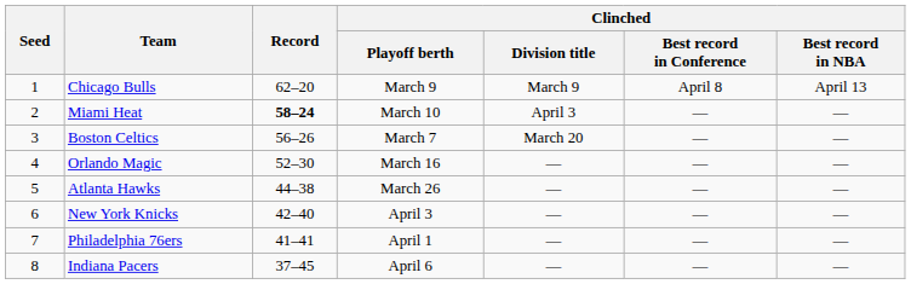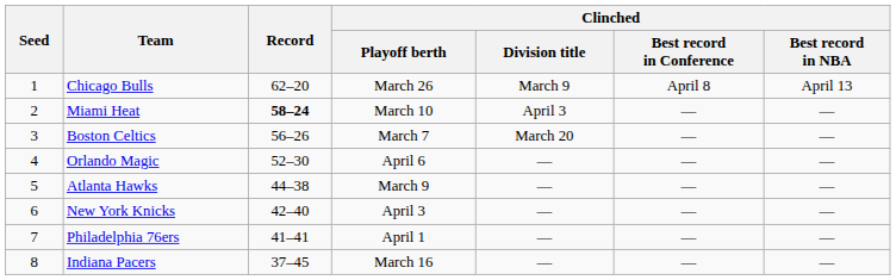 <table class=wikitable style="font-size:95%; text-align:center;" width=70%>
 <tr>
 <th rowspan=2>Seed</th>
 <th rowspan=2>Team</th>
 <th rowspan=2>Record</th>
 <th colspan=4>Clinched</th>
 </tr>
 <tr>
 <th>Playoff berth</th>
 <th>Division title</th>
 <th>Best record<br> in Conference</th>
 <th>Best record<br> in NBA</th>
 </tr>
 <tr>
 <td>1</td>
 <td align=left><a href='#'>Chicago Bulls</a></td>
 <td>62–20</td>
-<td>March 9</td>
+<td>March 26</td>
 <td>March 9</td>
 <td>April 8</td>
 <td>April 13</td>
 </tr>
 <tr>
 <td>2</td>
 <td align=left><a href='#'>Miami Heat</a></td>
 <td><strong>58–24</strong></td>
 <td>March 10</td>
 <td>April 3</td>
 <td>—</td>
 <td>—</td>
 </tr>
 <tr>
 <td>3</td>
 <td align=left><a href='#'>Boston Celtics</a></td>
 <td>56–26</td>
 <td>March 7</td>
 <td>March 20</td>
 <td>—</td>
 <td>—</td>
 </tr>
 <tr>
 <td>4</td>
 <td align=left><a href='#'>Orlando Magic</a></td>
 <td>52–30</td>
-<td>March 16</td>
+<td>April 6</td>
 <td>—</td>
 <td>—</td>
 <td>—</td>
 </tr>
 <tr>
 <td>5</td>
 <td align=left><a href='#'>Atlanta Hawks</a></td>
 <td>44–38</td>
-<td>March 26</td>
+<td>March 9</td>
 <td>—</td>
 <td>—</td>
 <td>—</td>
 </tr>
 <tr>
 <td>6</td>
 <td align=left><a href='#'>New York Knicks</a></td>
 <td>42–40</td>
 <td>April 3</td>
 <td>—</td>
 <td>—</td>
 <td>—</td>
 </tr>
 <tr>
 <td>7</td>
 <td align=left><a href='#'>Philadelphia 76ers</a></td>
 <td>41–41</td>
 <td>April 1</td>
 <td>—</td>
 <td>—</td>
 <td>—</td>
 </tr>
 <tr>
 <td>8</td>
 <td align=left><a href='#'>Indiana Pacers</a></td>
 <td>37–45</td>
-<td>April 6</td>
+<td>March 16</td>
 <td>—</td>
 <td>—</td>
 <td>—</td>
 </tr>
 </table>
